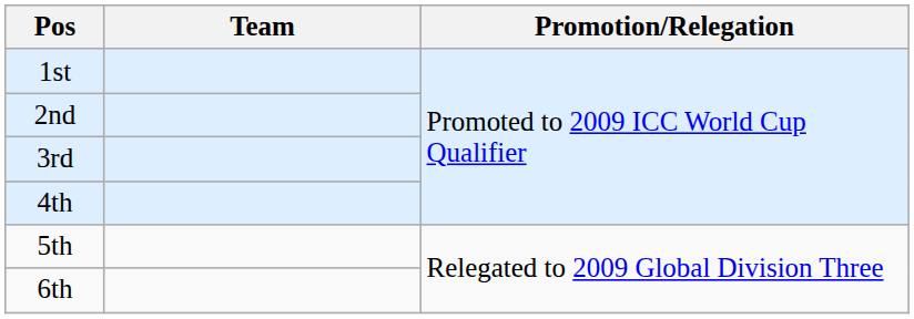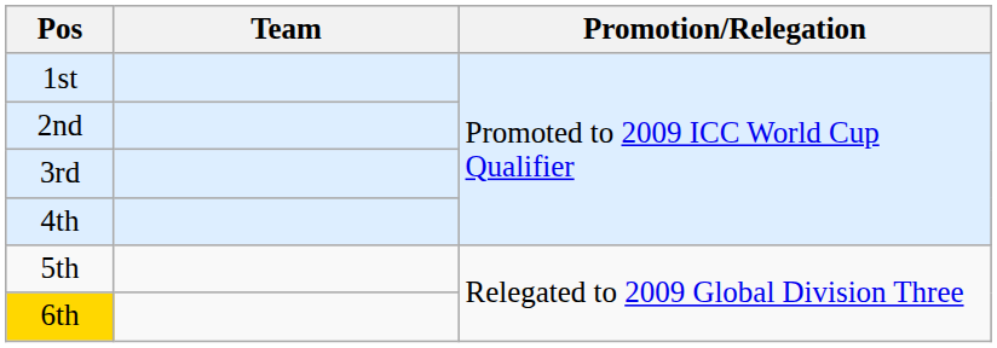 <table class="wikitable">
 <tr>
 <th width=50>Pos</th>
 <th width=175>Team</th>
 <th width=275>Promotion/Relegation</th>
 </tr>
 <tr style="background:#ddeeff">
 <td align="center">1st</td>
 <td></td>
 <td rowspan=4>Promoted to <a href='#'>2009 ICC World Cup Qualifier</a></td>
 </tr>
 <tr style="background:#ddeeff">
 <td align="center">2nd</td>
 <td></td>
 </tr>
 <tr style="background:#ddeeff">
 <td align="center">3rd</td>
 <td></td>
 </tr>
 <tr style="background:#ddeeff">
 <td align="center">4th</td>
 <td></td>
 </tr>
 <tr>
 <td align="center">5th</td>
 <td></td>
 <td rowspan=2>Relegated to <a href='#'>2009 Global Division Three</a></td>
 </tr>
 <tr>
-<td align="center">6th</td>
+<td align="center" style="background: gold;">6th</td>
 <td></td>
 </tr>
 </table>
